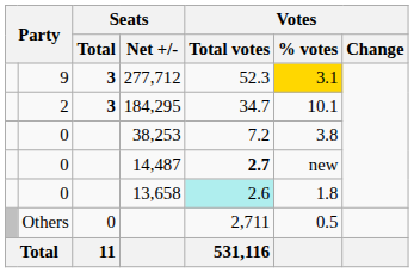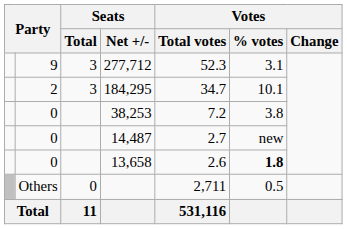 <table class="wikitable" style="text-align:right; font-size:95%;">
 <tr>
 <th colspan="2" rowspan="2">Party</th>
 <th colspan="2">Seats</th>
 <th colspan="3">Votes</th>
 </tr>
 <tr>
 <th>Total</th>
 <th>Net +/-</th>
 <th>Total votes</th>
 <th>% votes</th>
 <th>Change</th>
 </tr>
 <tr>
 <td></td>
 <td>9</td>
-<td><strong>3</strong></td>
+<td>3</td>
 <td>277,712</td>
 <td>52.3</td>
-<td style="background: gold;">3.1</td>
+<td>3.1</td>
 </tr>
 <tr>
 <td></td>
 <td>2</td>
-<td><strong>3</strong></td>
+<td>3</td>
 <td>184,295</td>
 <td>34.7</td>
 <td>10.1</td>
 </tr>
 <tr>
 <td></td>
 <td>0</td>
 <td></td>
 <td>38,253</td>
 <td>7.2</td>
 <td>3.8</td>
 </tr>
 <tr>
 <td></td>
 <td>0</td>
 <td></td>
 <td>14,487</td>
-<td><strong>2.7</strong></td>
+<td>2.7</td>
 <td>new</td>
 </tr>
 <tr>
 <td></td>
 <td>0</td>
 <td></td>
 <td>13,658</td>
-<td style="background: paleturquoise;">2.6</td>
-<td>1.8</td>
+<td>2.6</td>
+<td><strong>1.8</strong></td>
 </tr>
 <tr>
 <td style="background:silver;"> </td>
 <td align=left>Others</td>
 <td>0</td>
 <td></td>
 <td>2,711</td>
 <td>0.5</td>
 <td></td>
 </tr>
 <tr>
 <th colspan="2" style="background:#f2f2f2">Total</th>
 <td style="background:#f2f2f2;"><strong>11</strong></td>
 <td style="background:#f2f2f2;"></td>
 <td style="background:#f2f2f2;"><strong>531,116</strong></td>
 <td style="background:#f2f2f2;"></td>
 <td style="background:#f2f2f2;"></td>
 </tr>
 </table>
